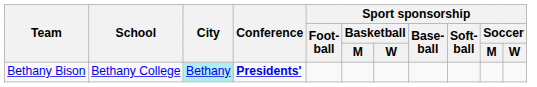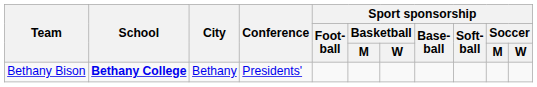 <table class="sortable wikitable">
 <tr>
 <th rowspan=3>Team</th>
 <th rowspan=3>School</th>
 <th rowspan=3>City</th>
 <th rowspan=3>Conference</th>
 <th colspan=7>Sport sponsorship</th>
 </tr>
 <tr>
 <th rowspan=2>Foot-<br>ball</th>
 <th colspan=2>Basketball</th>
 <th rowspan=2>Base-<br>ball</th>
 <th rowspan=2>Soft-<br>ball</th>
 <th colspan=2>Soccer</th>
 </tr>
 <tr>
 <th>M</th>
 <th>W</th>
 <th>M</th>
 <th>W</th>
 </tr>
 <tr>
 <td><a href='#'>Bethany Bison</a></td>
-<td><a href='#'>Bethany College</a></td>
-<td style="background: paleturquoise;"><a href='#'>Bethany</a></td>
-<td><strong><a href='#'>Presidents'</a></strong></td>
+<td><strong><a href='#'>Bethany College</a></strong></td>
+<td><a href='#'>Bethany</a></td>
+<td><a href='#'>Presidents'</a></td>
 <td></td>
 <td></td>
 <td></td>
 <td></td>
 <td></td>
 <td></td>
 <td></td>
 </tr>
 </table>
